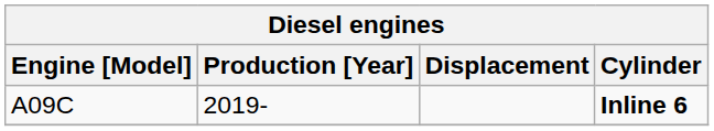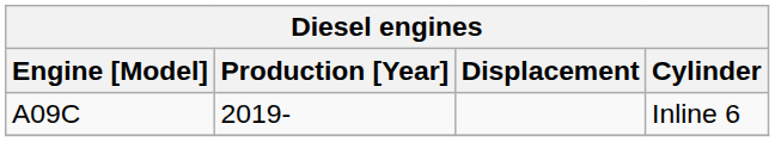 <table class="wikitable sortable collapsible">
 <tr>
 <th colspan="4" style="text-align:center">Diesel engines</th>
 </tr>
 <tr>
 <th>Engine [Model]</th>
 <th>Production [Year]</th>
 <th>Displacement</th>
 <th>Cylinder</th>
 </tr>
 <tr>
 <td>A09C</td>
 <td>2019-</td>
 <td></td>
-<td><strong>Inline 6</strong></td>
+<td>Inline 6</td>
 </tr>
 <tr>
 </tr>
 </table>
